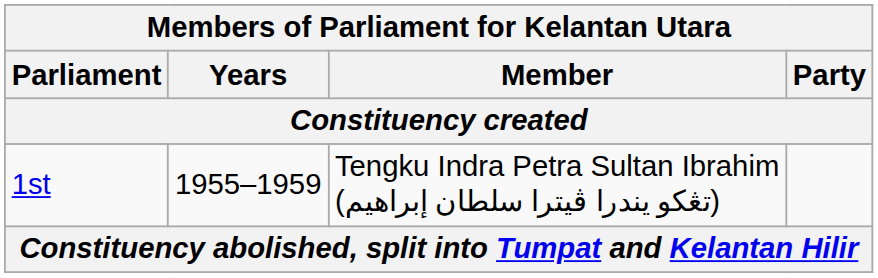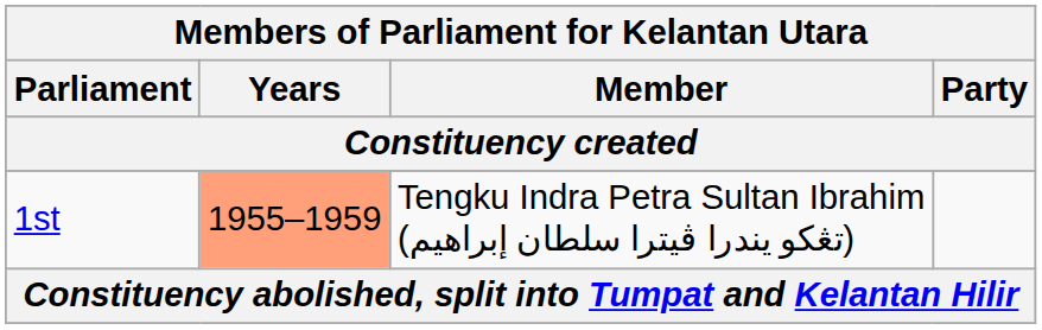 <table class="wikitable">
 <tr>
 <th colspan="4">Members of Parliament for Kelantan Utara</th>
 </tr>
 <tr>
 <th>Parliament</th>
 <th>Years</th>
 <th>Member</th>
 <th>Party</th>
 </tr>
 <tr>
 <th colspan="4"><em>Constituency created</em></th>
 </tr>
 <tr>
 <td><a href='#'>1st</a></td>
-<td>1955–1959</td>
+<td style="background: lightsalmon;">1955–1959</td>
 <td>Tengku Indra Petra Sultan Ibrahim <br>  (تڠكو يندرا ڤيترا سلطان إبراهيم)</td>
 <td></td>
 </tr>
 <tr>
 <th colspan="4"><em>Constituency abolished, split into <a href='#'>Tumpat</a> and <a href='#'>Kelantan Hilir</a></em></th>
 </tr>
 </table>
